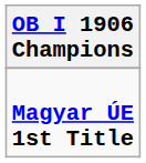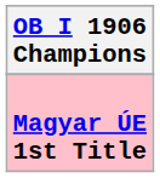 <table class="wikitable" style="text-align: center; margin: 0 auto;">
 <tr>
 <th><a href='#'>OB I</a> 1906<br>Champions</th>
 </tr>
 <tr>
 </tr>
 <tr>
-<td><br><strong><a href='#'>Magyar ÚE</a></strong><br><strong>1st Title</strong></td>
+<td style="background: pink;"><br><strong><a href='#'>Magyar ÚE</a></strong><br><strong>1st Title</strong></td>
 </tr>
 </table>
